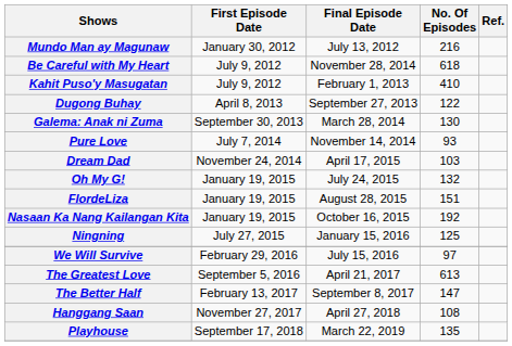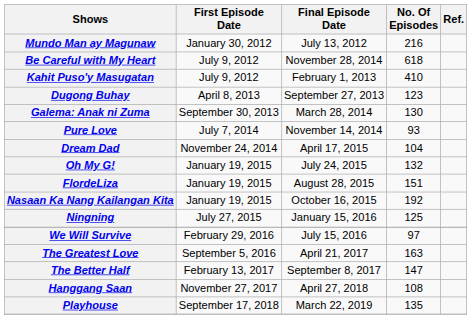 <table class="wikitable" style="text-align:center;">
 <tr>
 <th>Shows</th>
 <th>First Episode<br>Date</th>
 <th>Final Episode<br>Date</th>
 <th>No. Of<br>Episodes</th>
 <th>Ref.</th>
 </tr>
 <tr>
 <th><em><a href='#'>Mundo Man ay Magunaw</a></em></th>
 <td>January 30, 2012</td>
 <td>July 13, 2012</td>
 <td>216</td>
 <td></td>
 </tr>
 <tr>
 <th><em><a href='#'>Be Careful with My Heart</a></em></th>
 <td>July 9, 2012</td>
 <td>November 28, 2014</td>
 <td>618</td>
 <td></td>
 </tr>
 <tr>
 <th><em><a href='#'>Kahit Puso'y Masugatan</a></em></th>
 <td>July 9, 2012</td>
 <td>February 1, 2013</td>
 <td>410</td>
 <td></td>
 </tr>
 <tr>
 <th><em><a href='#'>Dugong Buhay</a></em></th>
 <td>April 8, 2013</td>
 <td>September 27, 2013</td>
-<td>122</td>
+<td>123</td>
 <td></td>
 </tr>
 <tr>
 <th><em><a href='#'>Galema: Anak ni Zuma</a></em></th>
 <td>September 30, 2013</td>
 <td>March 28, 2014</td>
 <td>130</td>
 <td></td>
 </tr>
 <tr>
 <th><em><a href='#'>Pure Love</a></em></th>
 <td>July 7, 2014</td>
 <td>November 14, 2014</td>
 <td>93</td>
 <td></td>
 </tr>
 <tr>
 <th><em><a href='#'>Dream Dad</a></em></th>
 <td>November 24, 2014</td>
 <td>April 17, 2015</td>
-<td>103</td>
+<td>104</td>
 <td></td>
 </tr>
 <tr>
 <th><em><a href='#'>Oh My G!</a></em></th>
 <td>January 19, 2015</td>
 <td>July 24, 2015</td>
 <td>132</td>
 <td></td>
 </tr>
 <tr>
 <th><em><a href='#'>FlordeLiza</a></em></th>
 <td>January 19, 2015</td>
 <td>August 28, 2015</td>
 <td>151</td>
 <td></td>
 </tr>
 <tr>
 <th><em><a href='#'>Nasaan Ka Nang Kailangan Kita</a></em></th>
 <td>January 19, 2015</td>
 <td>October 16, 2015</td>
 <td>192</td>
 <td></td>
 </tr>
 <tr>
 <th><em><a href='#'>Ningning</a></em></th>
 <td>July 27, 2015</td>
 <td>January 15, 2016</td>
 <td>125</td>
 <td></td>
 </tr>
 <tr>
 </tr>
 <tr>
 <th><em><a href='#'>We Will Survive</a></em></th>
 <td>February 29, 2016</td>
 <td>July 15, 2016</td>
 <td>97</td>
 <td></td>
 </tr>
 <tr>
 <th><em><a href='#'>The Greatest Love</a></em></th>
 <td>September 5, 2016</td>
 <td>April 21, 2017</td>
-<td>613</td>
+<td>163</td>
 <td></td>
 </tr>
 <tr>
 <th><em><a href='#'>The Better Half</a></em></th>
 <td>February 13, 2017</td>
 <td>September 8, 2017</td>
 <td>147</td>
 <td></td>
 </tr>
 <tr>
 <th><em><a href='#'>Hanggang Saan</a></em></th>
 <td>November 27, 2017</td>
 <td>April 27, 2018</td>
 <td>108</td>
 <td></td>
 </tr>
 <tr>
 <th><em><a href='#'>Playhouse</a></em></th>
 <td>September 17, 2018</td>
 <td>March 22, 2019</td>
 <td>135</td>
 <td></td>
 </tr>
 <tr>
 </tr>
 </table>
